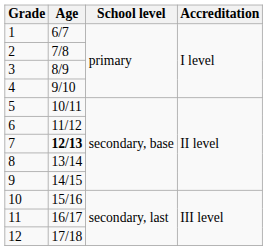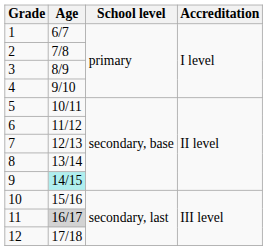 <table class="wikitable" style="line-height:0.9em; border:1px black; float:right; margin-left:1em">
 <tr>
 <th>Grade</th>
 <th>Age</th>
 <th>School level</th>
 <th>Accreditation</th>
 </tr>
 <tr>
 <td>1</td>
 <td>6/7</td>
 <td rowspan=4>primary</td>
 <td rowspan=4>I level</td>
 </tr>
 <tr>
 <td>2</td>
 <td>7/8</td>
 </tr>
 <tr>
 <td>3</td>
 <td>8/9</td>
 </tr>
 <tr>
 <td>4</td>
 <td>9/10</td>
 </tr>
 <tr>
 <td>5</td>
 <td>10/11</td>
 <td rowspan=5>secondary, base</td>
 <td rowspan=5>II level</td>
 </tr>
 <tr>
 <td>6</td>
 <td>11/12</td>
 </tr>
 <tr>
 <td>7</td>
-<td><strong>12/13</strong></td>
+<td>12/13</td>
 </tr>
 <tr>
 <td>8</td>
 <td>13/14</td>
 </tr>
 <tr>
 <td>9</td>
-<td>14/15</td>
+<td style="background: paleturquoise;">14/15</td>
 </tr>
 <tr>
 <td>10</td>
 <td>15/16</td>
 <td rowspan="3">secondary, last</td>
 <td rowspan="3">III level</td>
 </tr>
 <tr>
 <td>11</td>
-<td>16/17</td>
+<td style="background: lightgrey;">16/17</td>
 </tr>
 <tr>
 <td>12</td>
 <td>17/18</td>
 </tr>
 </table>
